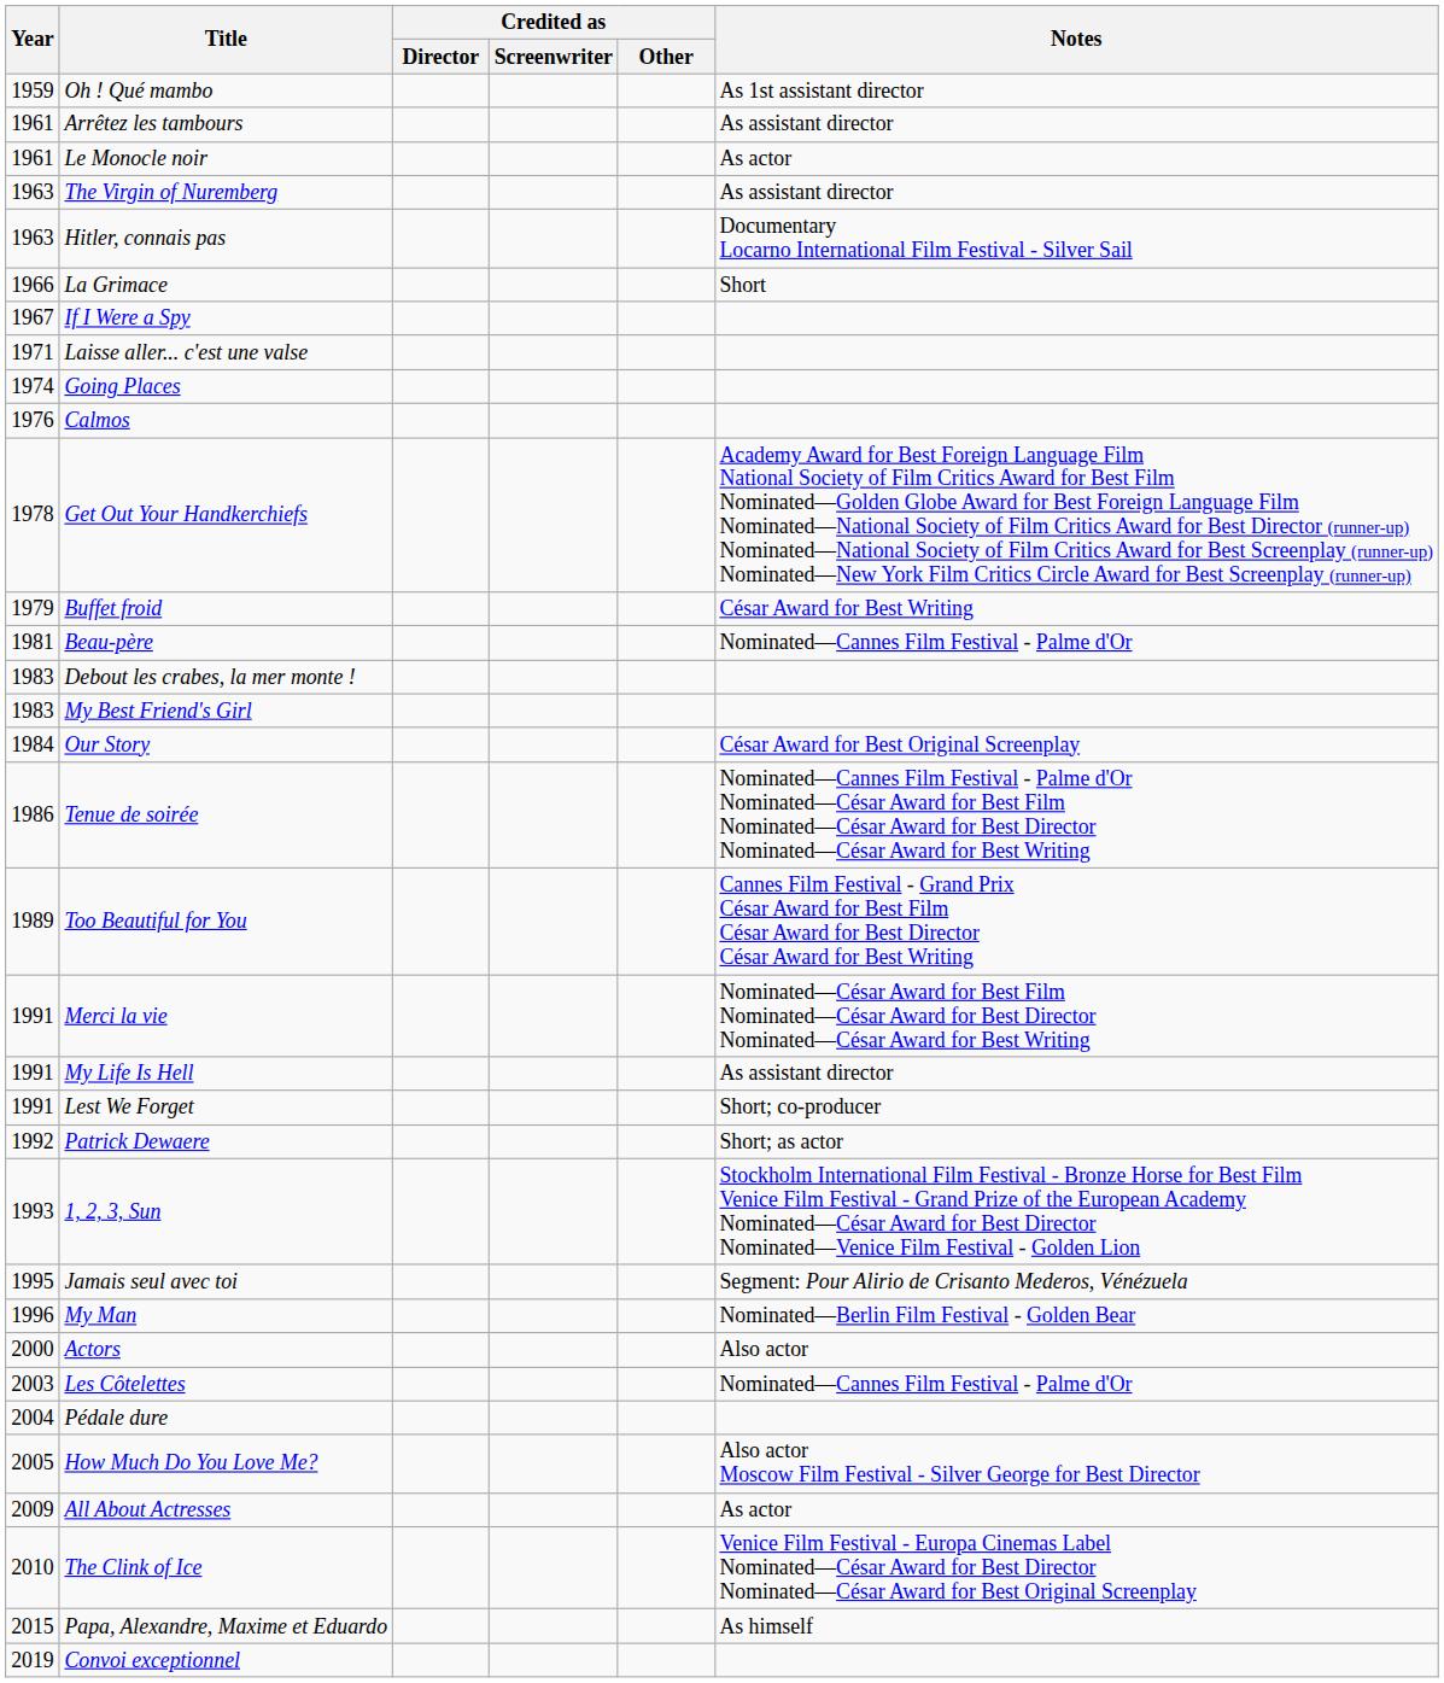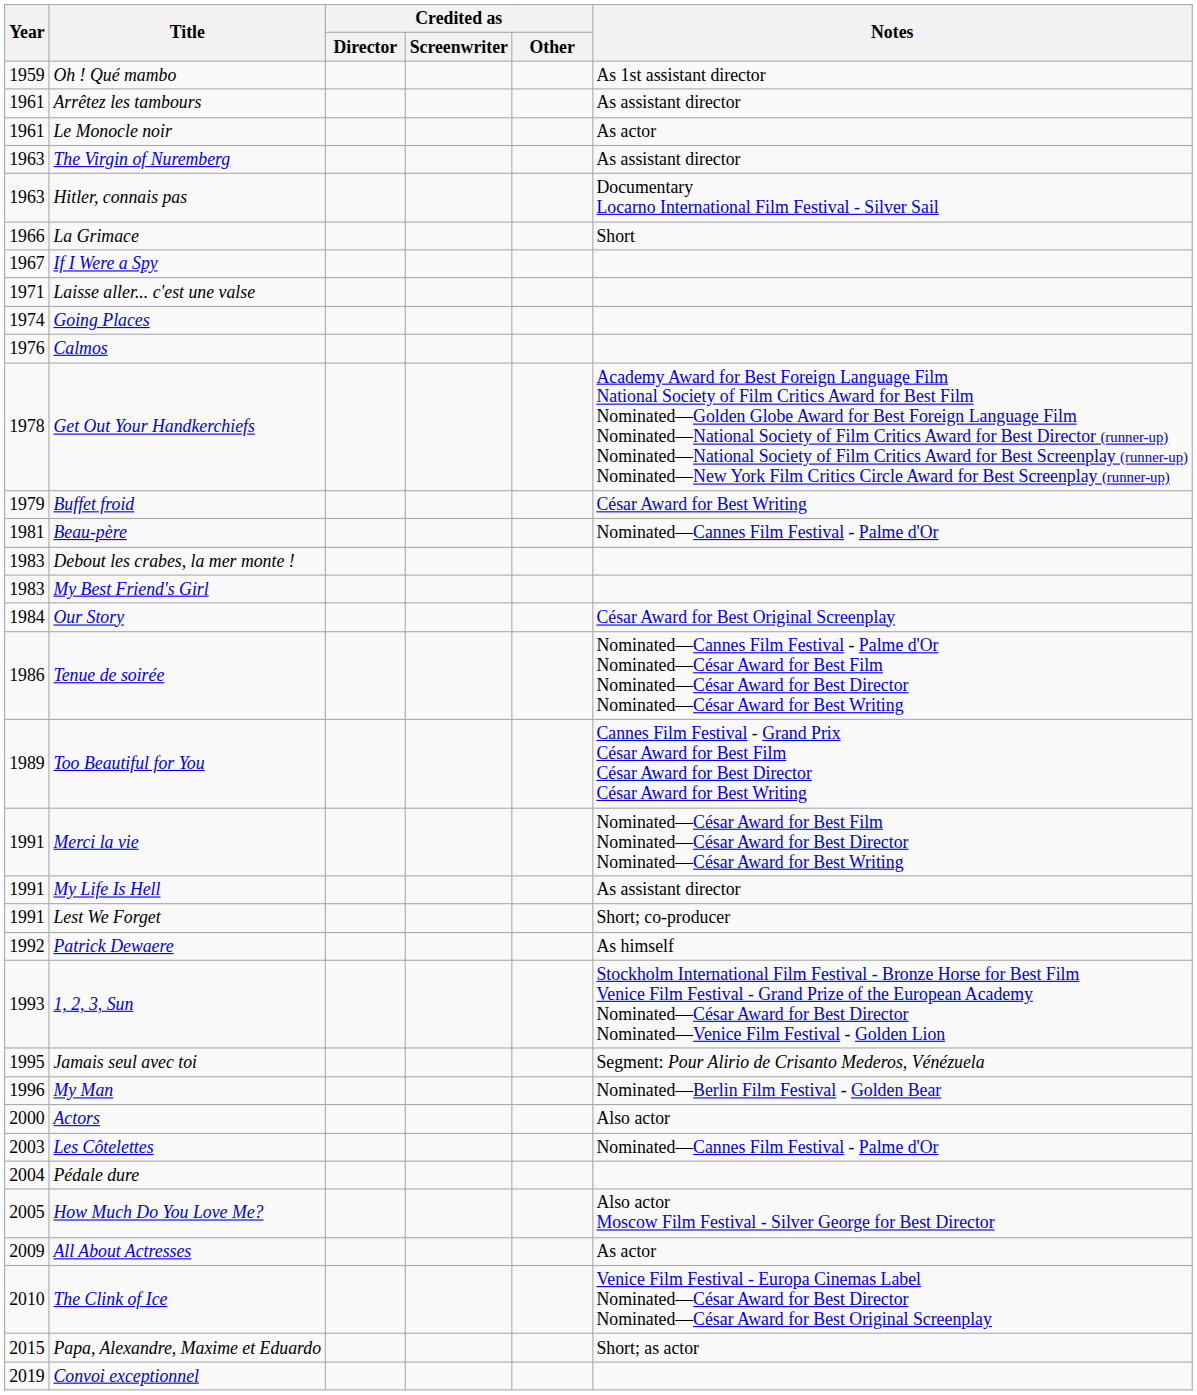 <table class="wikitable sortable">
 <tr>
 <th rowspan=2 width="33">Year</th>
 <th rowspan=2>Title</th>
 <th colspan=3>Credited as</th>
 <th rowspan=2>Notes</th>
 </tr>
 <tr>
 <th width=65>Director</th>
 <th width=65>Screenwriter</th>
 <th width=65>Other</th>
 </tr>
 <tr>
 <td align="center">1959</td>
 <td align="left"><em>Oh ! Qué mambo</em></td>
 <td></td>
 <td></td>
 <td></td>
 <td>As 1st assistant director</td>
 </tr>
 <tr>
 <td align="center">1961</td>
 <td align="left"><em>Arrêtez les tambours</em></td>
 <td></td>
 <td></td>
 <td></td>
 <td>As assistant director</td>
 </tr>
 <tr>
 <td align="center">1961</td>
 <td align="left"><em>Le Monocle noir</em></td>
 <td></td>
 <td></td>
 <td></td>
 <td>As actor</td>
 </tr>
 <tr>
 <td align="center">1963</td>
 <td align="left"><em><a href='#'>The Virgin of Nuremberg</a></em></td>
 <td></td>
 <td></td>
 <td></td>
 <td>As assistant director</td>
 </tr>
 <tr>
 <td align="center">1963</td>
 <td align="left"><em>Hitler, connais pas</em></td>
 <td></td>
 <td></td>
 <td></td>
 <td>Documentary<br><a href='#'>Locarno International Film Festival - Silver Sail</a></td>
 </tr>
 <tr>
 <td align="center">1966</td>
 <td align="left"><em>La Grimace</em></td>
 <td></td>
 <td></td>
 <td></td>
 <td>Short</td>
 </tr>
 <tr>
 <td align="center">1967</td>
 <td align="left"><em><a href='#'>If I Were a Spy</a></em></td>
 <td></td>
 <td></td>
 <td></td>
 <td></td>
 </tr>
 <tr>
 <td align="center">1971</td>
 <td align="left"><em>Laisse aller... c'est une valse</em></td>
 <td></td>
 <td></td>
 <td></td>
 <td></td>
 </tr>
 <tr>
 <td align="center">1974</td>
 <td align="left"><em><a href='#'>Going Places</a></em></td>
 <td></td>
 <td></td>
 <td></td>
 <td></td>
 </tr>
 <tr>
 <td align="center">1976</td>
 <td align="left"><em><a href='#'>Calmos</a></em></td>
 <td></td>
 <td></td>
 <td></td>
 <td></td>
 </tr>
 <tr>
 <td align="center">1978</td>
 <td align="left"><em><a href='#'>Get Out Your Handkerchiefs</a></em></td>
 <td></td>
 <td></td>
 <td></td>
 <td><a href='#'>Academy Award for Best Foreign Language Film</a><br><a href='#'>National Society of Film Critics Award for Best Film</a><br>Nominated—<a href='#'>Golden Globe Award for Best Foreign Language Film</a><br>Nominated—<a href='#'>National Society of Film Critics Award for Best Director <small>(runner-up)</small></a><br>Nominated—<a href='#'>National Society of Film Critics Award for Best Screenplay <small>(runner-up)</small></a><br>Nominated—<a href='#'>New York Film Critics Circle Award for Best Screenplay <small>(runner-up)</small></a></td>
 </tr>
 <tr>
 <td align="center">1979</td>
 <td align="left"><em><a href='#'>Buffet froid</a></em></td>
 <td></td>
 <td></td>
 <td></td>
 <td><a href='#'>César Award for Best Writing</a></td>
 </tr>
 <tr>
 <td align="center">1981</td>
 <td align="left"><em><a href='#'>Beau-père</a></em></td>
 <td></td>
 <td></td>
 <td></td>
 <td>Nominated—<a href='#'>Cannes Film Festival</a> - <a href='#'>Palme d'Or</a></td>
 </tr>
 <tr>
 <td align="center">1983</td>
 <td align="left"><em>Debout les crabes, la mer monte !</em></td>
 <td></td>
 <td></td>
 <td></td>
 <td></td>
 </tr>
 <tr>
 <td align="center">1983</td>
 <td align="left"><em><a href='#'>My Best Friend's Girl</a></em></td>
 <td></td>
 <td></td>
 <td></td>
 <td></td>
 </tr>
 <tr>
 <td align="center">1984</td>
 <td align="left"><em><a href='#'>Our Story</a></em></td>
 <td></td>
 <td></td>
 <td></td>
 <td><a href='#'>César Award for Best Original Screenplay</a></td>
 </tr>
 <tr>
 <td align="center">1986</td>
 <td align="left"><em><a href='#'>Tenue de soirée</a></em></td>
 <td></td>
 <td></td>
 <td></td>
 <td>Nominated—<a href='#'>Cannes Film Festival</a> - <a href='#'>Palme d'Or</a><br>Nominated—<a href='#'>César Award for Best Film</a><br>Nominated—<a href='#'>César Award for Best Director</a><br>Nominated—<a href='#'>César Award for Best Writing</a></td>
 </tr>
 <tr>
 <td align="center">1989</td>
 <td align="left"><em><a href='#'>Too Beautiful for You</a></em></td>
 <td></td>
 <td></td>
 <td></td>
 <td><a href='#'>Cannes Film Festival</a> - <a href='#'>Grand Prix</a><br><a href='#'>César Award for Best Film</a><br><a href='#'>César Award for Best Director</a><br><a href='#'>César Award for Best Writing</a></td>
 </tr>
 <tr>
 <td align="center">1991</td>
 <td align="left"><em><a href='#'>Merci la vie</a></em></td>
 <td></td>
 <td></td>
 <td></td>
 <td>Nominated—<a href='#'>César Award for Best Film</a><br>Nominated—<a href='#'>César Award for Best Director</a><br>Nominated—<a href='#'>César Award for Best Writing</a></td>
 </tr>
 <tr>
 <td align="center">1991</td>
 <td align="left"><em><a href='#'>My Life Is Hell</a></em></td>
 <td></td>
 <td></td>
 <td></td>
 <td>As assistant director</td>
 </tr>
 <tr>
 <td align="center">1991</td>
 <td align="left"><em>Lest We Forget</em></td>
 <td></td>
 <td></td>
 <td></td>
 <td>Short; co-producer</td>
 </tr>
 <tr>
 <td align="center">1992</td>
 <td align="left"><em><a href='#'>Patrick Dewaere</a></em></td>
 <td></td>
 <td></td>
 <td></td>
-<td>Short; as actor</td>
+<td>As himself</td>
 </tr>
 <tr>
 <td align="center">1993</td>
 <td align="left"><em><a href='#'>1, 2, 3, Sun</a></em></td>
 <td></td>
 <td></td>
 <td></td>
 <td><a href='#'>Stockholm International Film Festival - Bronze Horse for Best Film</a><br><a href='#'>Venice Film Festival - Grand Prize of the European Academy</a><br>Nominated—<a href='#'>César Award for Best Director</a><br>Nominated—<a href='#'>Venice Film Festival</a> - <a href='#'>Golden Lion</a></td>
 </tr>
 <tr>
 <td align="center">1995</td>
 <td align="left"><em>Jamais seul avec toi</em></td>
 <td></td>
 <td></td>
 <td></td>
 <td>Segment: <em>Pour Alirio de Crisanto Mederos, Vénézuela</em></td>
 </tr>
 <tr>
 <td align="center">1996</td>
 <td align="left"><em><a href='#'>My Man</a></em></td>
 <td></td>
 <td></td>
 <td></td>
 <td>Nominated—<a href='#'>Berlin Film Festival</a> - <a href='#'>Golden Bear</a></td>
 </tr>
 <tr>
 <td align="center">2000</td>
 <td align="left"><em><a href='#'>Actors</a></em></td>
 <td></td>
 <td></td>
 <td></td>
 <td>Also actor</td>
 </tr>
 <tr>
 <td align="center">2003</td>
 <td align="left"><em><a href='#'>Les Côtelettes</a></em></td>
 <td></td>
 <td></td>
 <td></td>
 <td>Nominated—<a href='#'>Cannes Film Festival</a> - <a href='#'>Palme d'Or</a></td>
 </tr>
 <tr>
 <td align="center">2004</td>
 <td align="left"><em>Pédale dure</em></td>
 <td></td>
 <td></td>
 <td></td>
 <td></td>
 </tr>
 <tr>
 <td align="center">2005</td>
 <td align="left"><em><a href='#'>How Much Do You Love Me?</a></em></td>
 <td></td>
 <td></td>
 <td></td>
 <td>Also actor<br><a href='#'>Moscow Film Festival - Silver George for Best Director</a></td>
 </tr>
 <tr>
 <td align="center">2009</td>
 <td align="left"><em><a href='#'>All About Actresses</a></em></td>
 <td></td>
 <td></td>
 <td></td>
 <td>As actor</td>
 </tr>
 <tr>
 <td align="center">2010</td>
 <td align="left"><em><a href='#'>The Clink of Ice</a></em></td>
 <td></td>
 <td></td>
 <td></td>
 <td><a href='#'>Venice Film Festival - Europa Cinemas Label</a><br>Nominated—<a href='#'>César Award for Best Director</a><br>Nominated—<a href='#'>César Award for Best Original Screenplay</a></td>
 </tr>
 <tr>
 <td align="center">2015</td>
 <td align="left"><em>Papa, Alexandre, Maxime et Eduardo</em></td>
 <td></td>
 <td></td>
 <td></td>
-<td>As himself</td>
+<td>Short; as actor</td>
 </tr>
 <tr>
 <td align="center">2019</td>
 <td align="left"><em><a href='#'>Convoi exceptionnel</a></em></td>
 <td></td>
 <td></td>
 <td></td>
 <td></td>
 </tr>
 </table>
